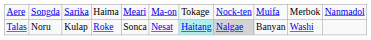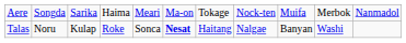 <table class="wikitable">
 <tr>
 <td><a href='#'>Aere</a></td>
 <td><a href='#'>Songda</a></td>
 <td><a href='#'>Sarika</a></td>
 <td>Haima</td>
 <td><a href='#'>Meari</a></td>
 <td><a href='#'>Ma-on</a></td>
 <td>Tokage</td>
 <td><a href='#'>Nock-ten</a></td>
 <td><a href='#'>Muifa</a></td>
 <td>Merbok</td>
 <td><a href='#'>Nanmadol</a></td>
 </tr>
 <tr>
 <td><a href='#'>Talas</a></td>
 <td>Noru</td>
 <td>Kulap</td>
 <td><a href='#'>Roke</a></td>
 <td>Sonca</td>
-<td><a href='#'>Nesat</a></td>
-<td style="background: paleturquoise;"><a href='#'>Haitang</a></td>
-<td style="background: lightgrey;"><a href='#'>Nalgae</a></td>
+<td><strong><a href='#'>Nesat</a></strong></td>
+<td><a href='#'>Haitang</a></td>
+<td><a href='#'>Nalgae</a></td>
 <td>Banyan</td>
 <td><a href='#'>Washi</a></td>
 </tr>
 </table>
